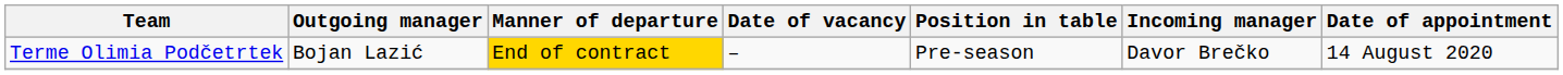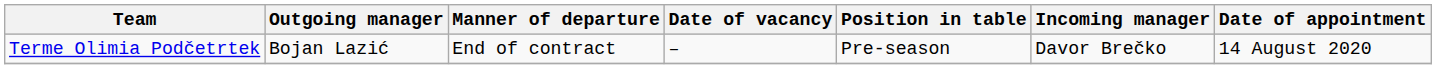 <table class="wikitable sortable">
 <tr>
 <th>Team</th>
 <th>Outgoing manager</th>
 <th>Manner of departure</th>
 <th>Date of vacancy</th>
 <th>Position in table</th>
 <th>Incoming manager</th>
 <th>Date of appointment</th>
 </tr>
 <tr>
 <td><a href='#'>Terme Olimia Podčetrtek</a></td>
 <td> Bojan Lazić</td>
-<td style="background: gold;">End of contract</td>
+<td>End of contract</td>
 <td>–</td>
 <td>Pre-season</td>
 <td> Davor Brečko</td>
 <td>14 August 2020</td>
 </tr>
 <tr>
 </tr>
 </table>
